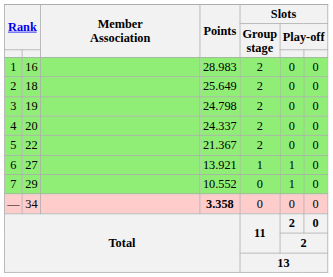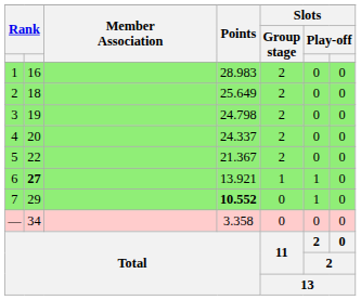 <table class="wikitable" style="text-align:center">
 <tr>
 </tr>
 <tr>
 <th colspan=2 rowspan=2><a href='#'>Rank</a></th>
 <th rowspan=3 width=200>Member<br>Association</th>
 <th rowspan=3>Points</th>
 <th colspan=4>Slots</th>
 </tr>
 <tr>
 <th rowspan=2>Group<br>stage</th>
 <th colspan=3>Play-off</th>
 </tr>
 <tr>
 <th></th>
 <th></th>
 <th></th>
 <th></th>
 </tr>
 <tr bgcolor=#90ee77>
 <td>1</td>
 <td>16</td>
 <td align=left></td>
 <td>28.983</td>
 <td>2</td>
 <td>0</td>
 <td>0</td>
 </tr>
 <tr bgcolor=#90ee77>
 <td>2</td>
 <td>18</td>
 <td align=left></td>
 <td>25.649</td>
 <td>2</td>
 <td>0</td>
 <td>0</td>
 </tr>
 <tr bgcolor=#90ee77>
 <td>3</td>
 <td>19</td>
 <td align=left></td>
 <td>24.798</td>
 <td>2</td>
 <td>0</td>
 <td>0</td>
 </tr>
 <tr bgcolor=#90ee77>
 <td>4</td>
 <td>20</td>
 <td align=left></td>
 <td>24.337</td>
 <td>2</td>
 <td>0</td>
 <td>0</td>
 </tr>
 <tr bgcolor=#90ee77>
 <td>5</td>
 <td>22</td>
 <td align=left></td>
 <td>21.367</td>
 <td>2</td>
 <td>0</td>
 <td>0</td>
 </tr>
 <tr bgcolor=#90ee77>
 <td>6</td>
-<td>27</td>
+<td><strong>27</strong></td>
 <td align=left></td>
 <td>13.921</td>
 <td>1</td>
 <td>1</td>
 <td>0</td>
 </tr>
 <tr bgcolor=#90ee77>
 <td>7</td>
 <td>29</td>
 <td align=left></td>
-<td>10.552</td>
+<td><strong>10.552</strong></td>
 <td>0</td>
 <td>1</td>
 <td>0</td>
 </tr>
 <tr bgcolor=#ffcccc>
 <td>—</td>
 <td>34</td>
 <td align=left></td>
-<td><strong>3.358</strong></td>
+<td>3.358</td>
 <td>0</td>
 <td>0</td>
 <td>0</td>
 </tr>
 <tr>
 <th colspan=4 rowspan=3>Total</th>
 <th rowspan=2>11</th>
 <th>2</th>
 <th>0</th>
 </tr>
 <tr>
 <th colspan=3>2</th>
 </tr>
 <tr>
 <th colspan=4>13</th>
 </tr>
 </table>
